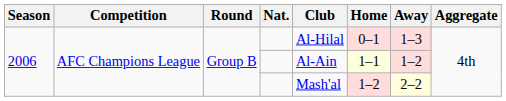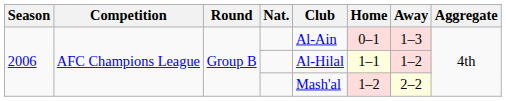 <table class="wikitable">
 <tr>
 <th>Season</th>
 <th>Competition</th>
 <th>Round</th>
 <th>Nat.</th>
 <th>Club</th>
 <th>Home</th>
 <th>Away</th>
 <th>Aggregate</th>
 </tr>
 <tr>
 <td rowspan="6"><a href='#'>2006</a></td>
 <td rowspan="6"><a href='#'>AFC Champions League</a></td>
 <td rowspan="3"><a href='#'>Group B</a></td>
 <td></td>
-<td><a href='#'>Al-Hilal</a></td>
+<td><a href='#'>Al-Ain</a></td>
 <td style="text-align:center; background:#fdd;">0–1</td>
 <td style="text-align:center; background:#fdd;">1–3</td>
 <td rowspan="3" style="text-align:center;">4th</td>
 </tr>
 <tr>
 <td></td>
-<td><a href='#'>Al-Ain</a></td>
+<td><a href='#'>Al-Hilal</a></td>
 <td style="text-align:center; background:#ffd;">1–1</td>
 <td style="text-align:center; background:#fdd;">1–2</td>
 </tr>
 <tr>
 <td></td>
 <td><a href='#'>Mash'al</a></td>
 <td style="text-align:center; background:#fdd;">1–2</td>
 <td style="text-align:center; background:#ffd;">2–2</td>
 </tr>
 </table>
